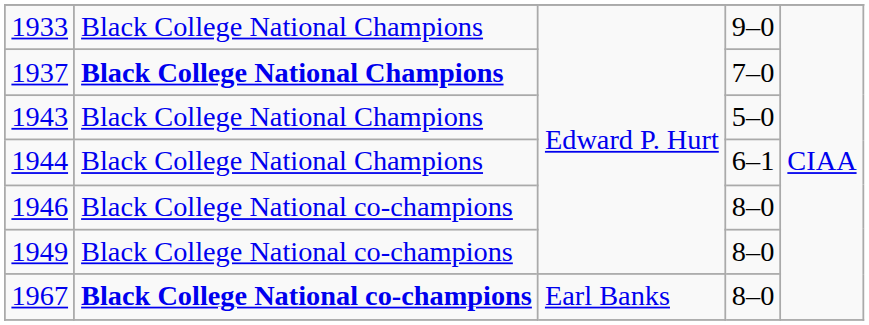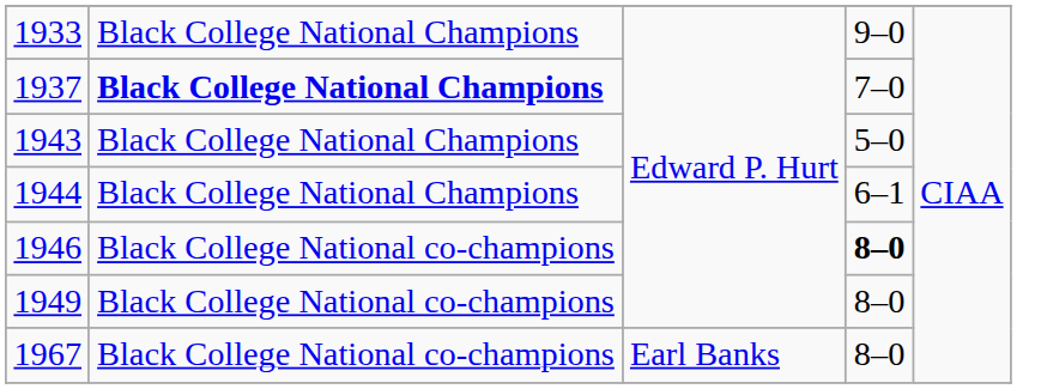 <table class="wikitable">
 <tr>
 </tr>
 <tr>
 <td><a href='#'>1933</a></td>
 <td><a href='#'>Black College National Champions</a></td>
 <td rowspan="6"><a href='#'>Edward P. Hurt</a></td>
 <td>9–0</td>
 <td rowspan="7"><a href='#'>CIAA</a></td>
 </tr>
 <tr>
 <td><a href='#'>1937</a></td>
 <td><strong><a href='#'>Black College National Champions</a></strong></td>
 <td>7–0</td>
 </tr>
 <tr>
 <td><a href='#'>1943</a></td>
 <td><a href='#'>Black College National Champions</a></td>
 <td>5–0</td>
 </tr>
 <tr>
 <td><a href='#'>1944</a></td>
 <td><a href='#'>Black College National Champions</a></td>
 <td>6–1</td>
 </tr>
 <tr>
 <td><a href='#'>1946</a></td>
 <td><a href='#'>Black College National co-champions</a></td>
-<td>8–0</td>
+<td><strong>8–0</strong></td>
 </tr>
 <tr>
 <td><a href='#'>1949</a></td>
 <td><a href='#'>Black College National co-champions</a></td>
 <td>8–0</td>
 </tr>
 <tr>
 <td><a href='#'>1967</a></td>
-<td><strong><a href='#'>Black College National co-champions</a></strong></td>
+<td><a href='#'>Black College National co-champions</a></td>
 <td><a href='#'>Earl Banks</a></td>
 <td>8–0</td>
 </tr>
 </table>
